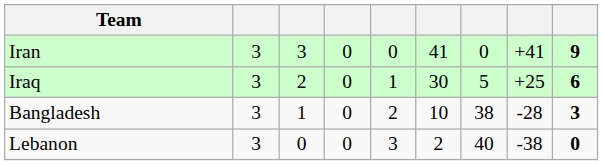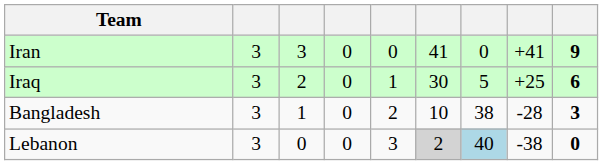 <table class="wikitable" style="text-align:center;">
 <tr>
 <th width=180>Team</th>
 <th width=30 abbr="Played"></th>
 <th width=30 abbr="Won"></th>
 <th width=30 abbr="Drawn"></th>
 <th width=30 abbr="Lost"></th>
 <th width=30 abbr="Goals for"></th>
 <th width=30 abbr="Goals against"></th>
 <th width=30 abbr="Goal difference"></th>
 <th width=30 abbr="Points"></th>
 </tr>
 <tr bgcolor=ccffcc>
 <td align="left"> Iran</td>
 <td>3</td>
 <td>3</td>
 <td>0</td>
 <td>0</td>
 <td>41</td>
 <td>0</td>
 <td>+41</td>
 <td><strong>9</strong></td>
 </tr>
 <tr bgcolor=ccffcc>
 <td align="left"> Iraq</td>
 <td>3</td>
 <td>2</td>
 <td>0</td>
 <td>1</td>
 <td>30</td>
 <td>5</td>
 <td>+25</td>
 <td><strong>6</strong></td>
 </tr>
 <tr>
 <td align="left"> Bangladesh</td>
 <td>3</td>
 <td>1</td>
 <td>0</td>
 <td>2</td>
 <td>10</td>
 <td>38</td>
 <td>-28</td>
 <td><strong>3</strong></td>
 </tr>
 <tr>
 <td align="left"> Lebanon</td>
 <td>3</td>
 <td>0</td>
 <td>0</td>
 <td>3</td>
-<td>2</td>
-<td>40</td>
+<td style="background: lightgrey;">2</td>
+<td style="background: lightblue;">40</td>
 <td>-38</td>
 <td><strong>0</strong></td>
 </tr>
 </table>
